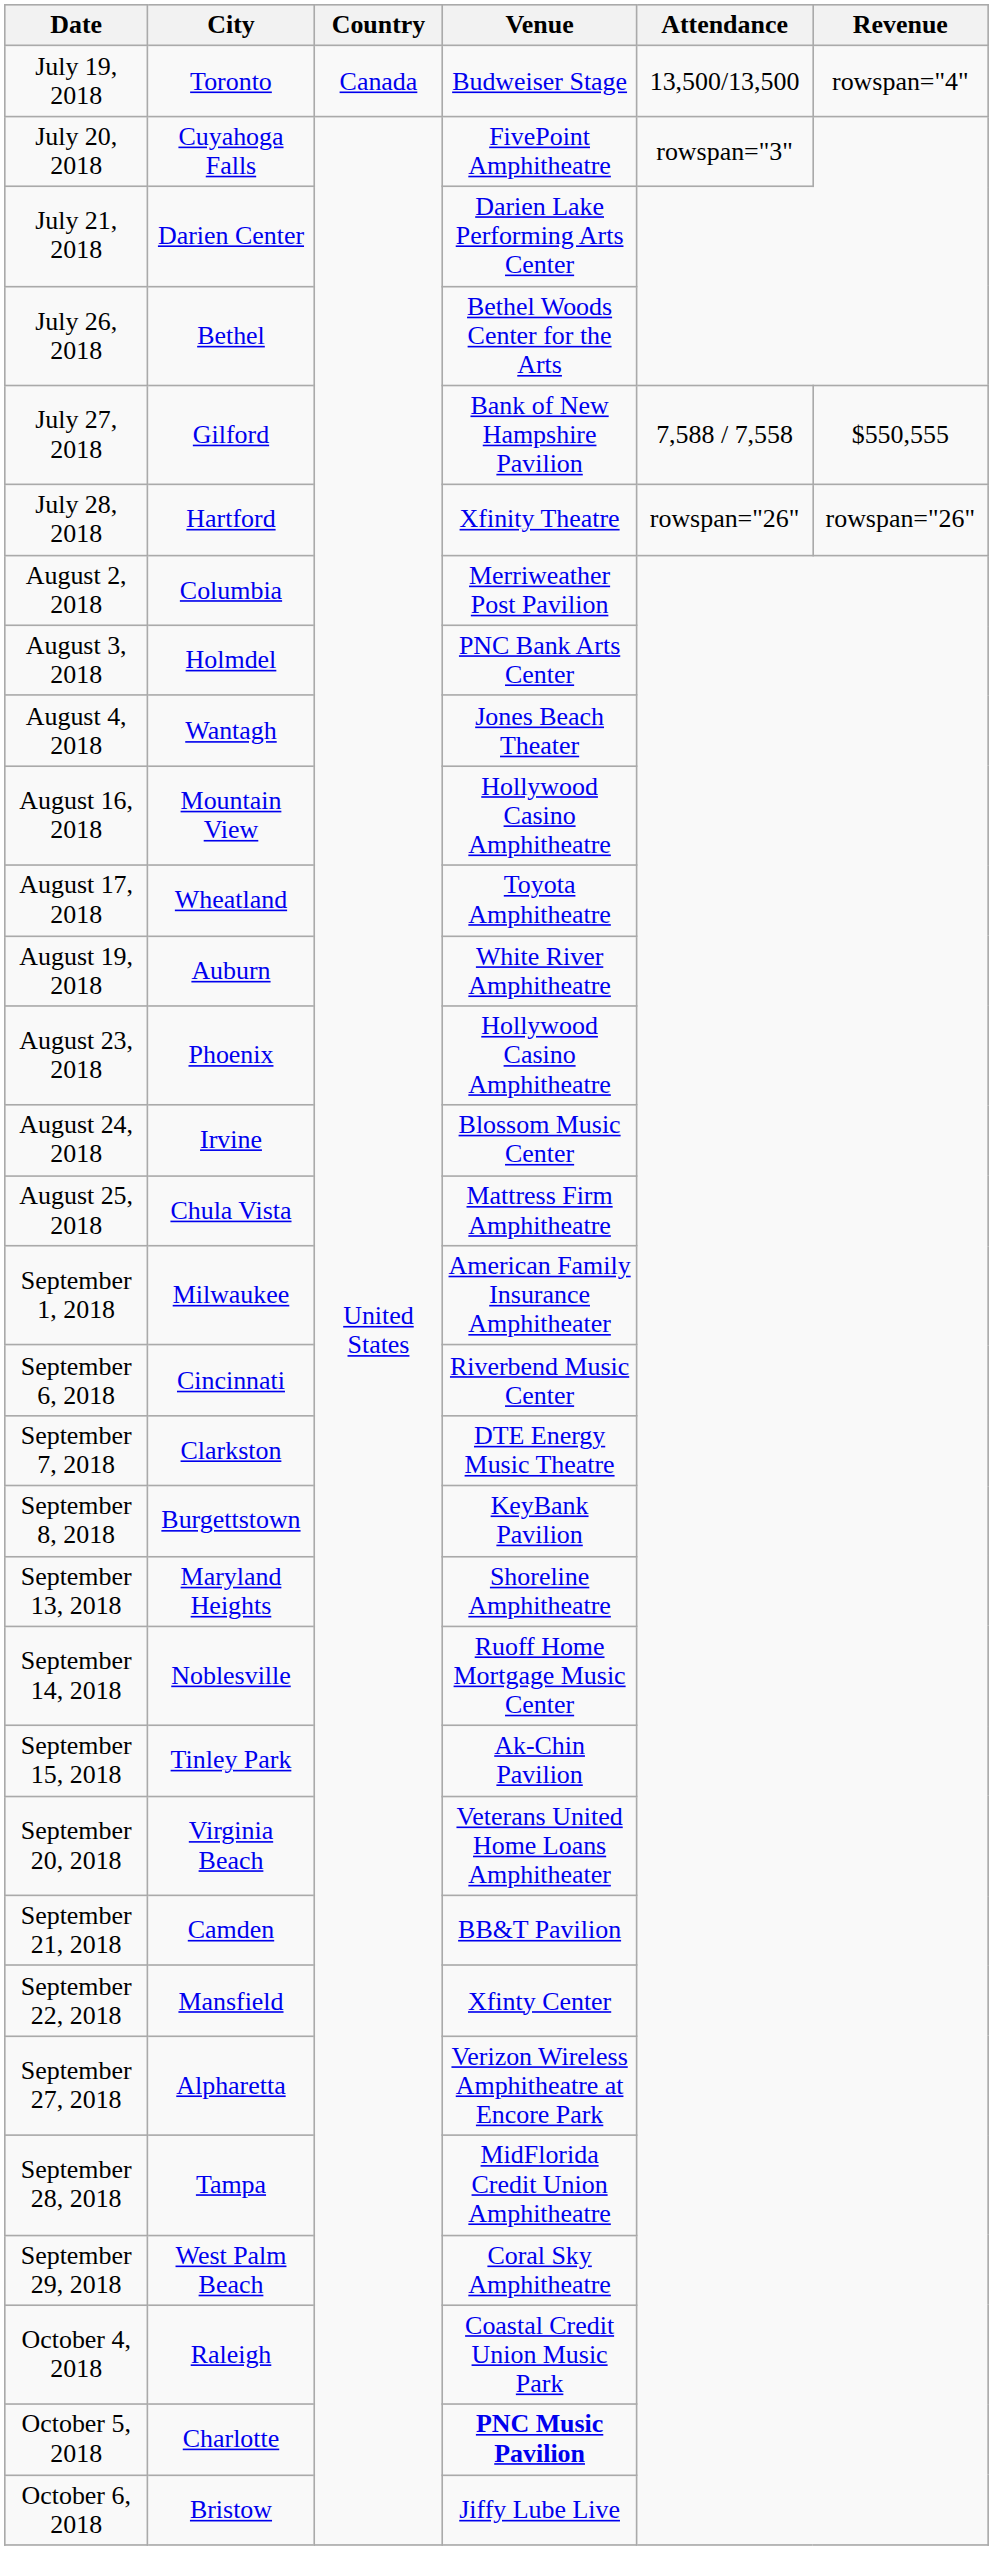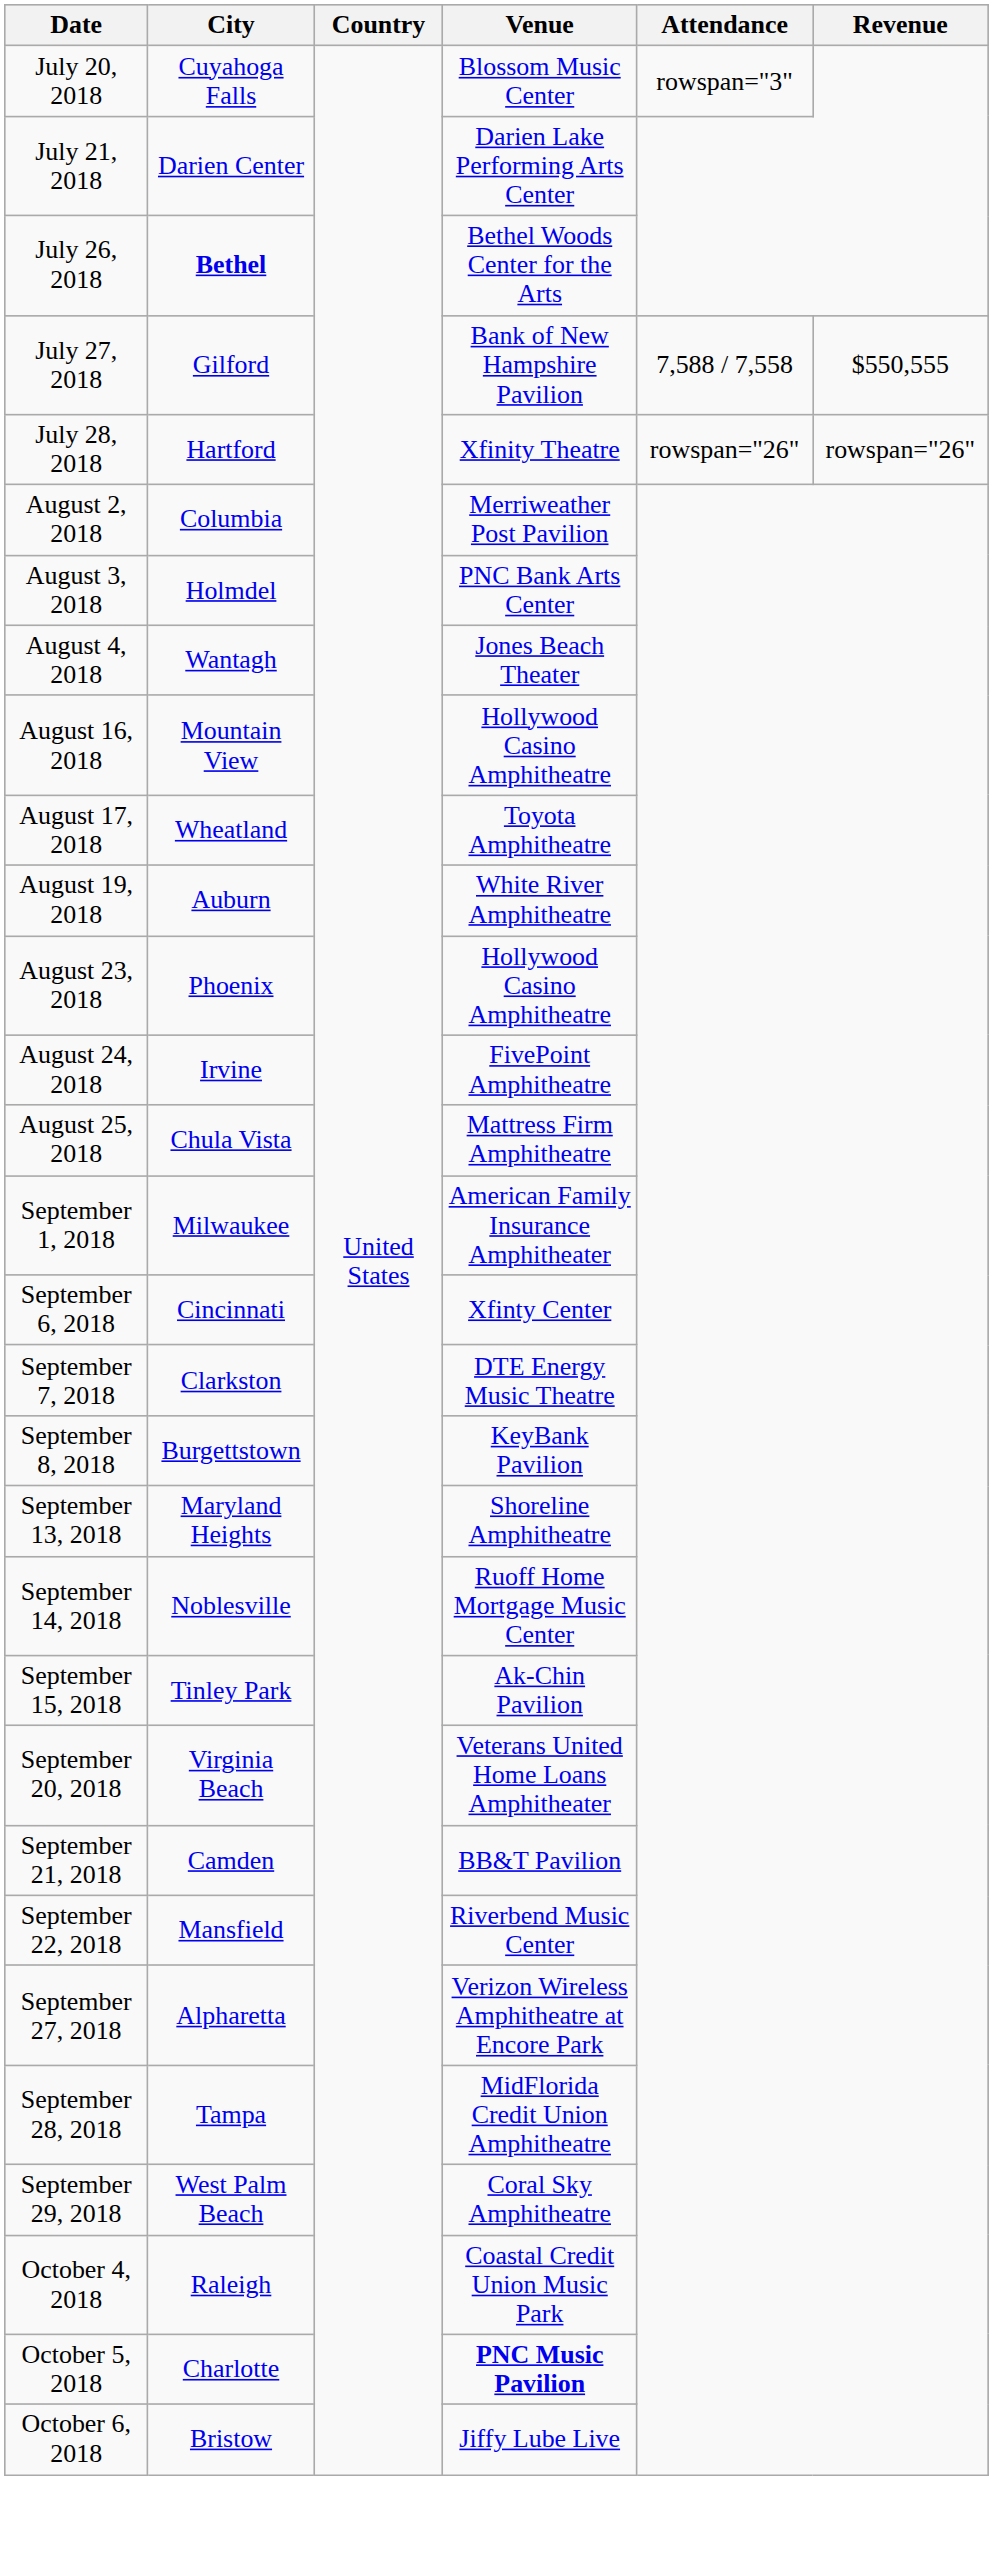 <table class="wikitable" style="text-align:center">
 <tr>
 <th style="width:150px;">Date</th>
 <th style="width:150px;">City</th>
 <th style="width:150px;">Country</th>
 <th style="width:250px;">Venue</th>
 <th style="width:150px;">Attendance</th>
 <th style="width:150px;">Revenue</th>
 </tr>
 <tr>
-<td>July 19, 2018</td>
-<td><a href='#'>Toronto</a></td>
-<td><a href='#'>Canada</a></td>
-<td><a href='#'>Budweiser Stage</a></td>
-<td>13,500/13,500</td>
-<td>rowspan="4" </td>
-</tr>
-<tr>
 <td>July 20, 2018</td>
 <td><a href='#'>Cuyahoga Falls</a></td>
 <td rowspan="30"><a href='#'>United States</a></td>
-<td><a href='#'>FivePoint Amphitheatre</a></td>
+<td><a href='#'>Blossom Music Center</a></td>
 <td>rowspan="3" </td>
 </tr>
 <tr>
 <td>July 21, 2018</td>
 <td><a href='#'>Darien Center</a></td>
 <td><a href='#'>Darien Lake Performing Arts Center</a></td>
 </tr>
 <tr>
 <td>July 26, 2018</td>
-<td><a href='#'>Bethel</a></td>
+<td><strong><a href='#'>Bethel</a></strong></td>
 <td><a href='#'>Bethel Woods Center for the Arts</a></td>
 </tr>
 <tr>
 <td>July 27, 2018</td>
 <td><a href='#'>Gilford</a></td>
 <td><a href='#'>Bank of New Hampshire Pavilion</a></td>
 <td>7,588 / 7,558</td>
 <td>$550,555</td>
 </tr>
 <tr>
 <td>July 28, 2018</td>
 <td><a href='#'>Hartford</a></td>
 <td><a href='#'>Xfinity Theatre</a></td>
 <td>rowspan="26" </td>
 <td>rowspan="26" </td>
 </tr>
 <tr>
 <td>August 2, 2018</td>
 <td><a href='#'>Columbia</a></td>
 <td><a href='#'>Merriweather Post Pavilion</a></td>
 </tr>
 <tr>
 <td>August 3, 2018</td>
 <td><a href='#'>Holmdel</a></td>
 <td><a href='#'>PNC Bank Arts Center</a></td>
 </tr>
 <tr>
 <td>August 4, 2018</td>
 <td><a href='#'>Wantagh</a></td>
 <td><a href='#'>Jones Beach Theater</a></td>
 </tr>
 <tr>
 <td>August 16, 2018</td>
 <td><a href='#'>Mountain View</a></td>
 <td><a href='#'>Hollywood Casino Amphitheatre</a></td>
 </tr>
 <tr>
 <td>August 17, 2018</td>
 <td><a href='#'>Wheatland</a></td>
 <td><a href='#'>Toyota Amphitheatre</a></td>
 </tr>
 <tr>
 <td>August 19, 2018</td>
 <td><a href='#'>Auburn</a></td>
 <td><a href='#'>White River Amphitheatre</a></td>
 </tr>
 <tr>
 <td>August 23, 2018</td>
 <td><a href='#'>Phoenix</a></td>
 <td><a href='#'>Hollywood Casino Amphitheatre</a></td>
 </tr>
 <tr>
 <td>August 24, 2018</td>
 <td><a href='#'>Irvine</a></td>
-<td><a href='#'>Blossom Music Center</a></td>
+<td><a href='#'>FivePoint Amphitheatre</a></td>
 </tr>
 <tr>
 <td>August 25, 2018</td>
 <td><a href='#'>Chula Vista</a></td>
 <td><a href='#'>Mattress Firm Amphitheatre</a></td>
 </tr>
 <tr>
 <td>September 1, 2018</td>
 <td><a href='#'>Milwaukee</a></td>
 <td><a href='#'>American Family Insurance Amphitheater</a></td>
 </tr>
 <tr>
 <td>September 6, 2018</td>
 <td><a href='#'>Cincinnati</a></td>
-<td><a href='#'>Riverbend Music Center</a></td>
+<td><a href='#'>Xfinty Center</a></td>
 </tr>
 <tr>
 <td>September 7, 2018</td>
 <td><a href='#'>Clarkston</a></td>
 <td><a href='#'>DTE Energy Music Theatre</a></td>
 </tr>
 <tr>
 <td>September 8, 2018</td>
 <td><a href='#'>Burgettstown</a></td>
 <td><a href='#'>KeyBank Pavilion</a></td>
 </tr>
 <tr>
 <td>September 13, 2018</td>
 <td><a href='#'>Maryland Heights</a></td>
 <td><a href='#'>Shoreline Amphitheatre</a></td>
 </tr>
 <tr>
 <td>September 14, 2018</td>
 <td><a href='#'>Noblesville</a></td>
 <td><a href='#'>Ruoff Home Mortgage Music Center</a></td>
 </tr>
 <tr>
 <td>September 15, 2018</td>
 <td><a href='#'>Tinley Park</a></td>
 <td><a href='#'>Ak-Chin Pavilion</a></td>
 </tr>
 <tr>
 <td>September 20, 2018</td>
 <td><a href='#'>Virginia Beach</a></td>
 <td><a href='#'>Veterans United Home Loans Amphitheater</a></td>
 </tr>
 <tr>
 <td>September 21, 2018</td>
 <td><a href='#'>Camden</a></td>
 <td><a href='#'>BB&T Pavilion</a></td>
 </tr>
 <tr>
 <td>September 22, 2018</td>
 <td><a href='#'>Mansfield</a></td>
-<td><a href='#'>Xfinty Center</a></td>
+<td><a href='#'>Riverbend Music Center</a></td>
 </tr>
 <tr>
 <td>September 27, 2018</td>
 <td><a href='#'>Alpharetta</a></td>
 <td><a href='#'>Verizon Wireless Amphitheatre at Encore Park</a></td>
 </tr>
 <tr>
 <td>September 28, 2018</td>
 <td><a href='#'>Tampa</a></td>
 <td><a href='#'>MidFlorida Credit Union Amphitheatre</a></td>
 </tr>
 <tr>
 <td>September 29, 2018</td>
 <td><a href='#'>West Palm Beach</a></td>
 <td><a href='#'>Coral Sky Amphitheatre</a></td>
 </tr>
 <tr>
 <td>October 4, 2018</td>
 <td><a href='#'>Raleigh</a></td>
 <td><a href='#'>Coastal Credit Union Music Park</a></td>
 </tr>
 <tr>
 <td>October 5, 2018</td>
 <td><a href='#'>Charlotte</a></td>
 <td><strong><a href='#'>PNC Music Pavilion</a></strong></td>
 </tr>
 <tr>
 <td>October 6, 2018</td>
 <td><a href='#'>Bristow</a></td>
 <td><a href='#'>Jiffy Lube Live</a></td>
 </tr>
 </table>
